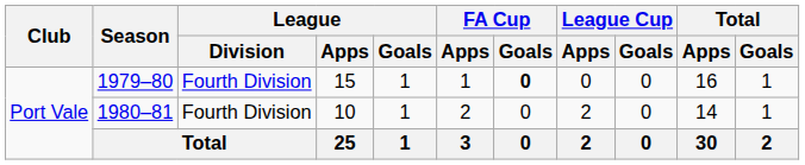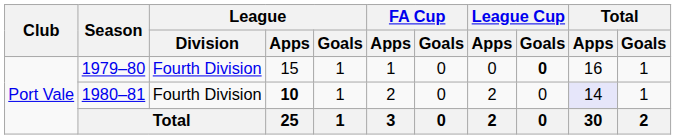 <table class="wikitable" style="text-align:center">
 <tr>
 <th rowspan="2">Club</th>
 <th rowspan="2">Season</th>
 <th colspan="3">League</th>
 <th colspan="2"><a href='#'>FA Cup</a></th>
 <th colspan="2"><a href='#'>League Cup</a></th>
 <th colspan="2">Total</th>
 </tr>
 <tr>
 <th>Division</th>
 <th>Apps</th>
 <th>Goals</th>
 <th>Apps</th>
 <th>Goals</th>
 <th>Apps</th>
 <th>Goals</th>
 <th>Apps</th>
 <th>Goals</th>
 </tr>
 <tr>
 <td rowspan="3"><a href='#'>Port Vale</a></td>
 <td><a href='#'>1979–80</a></td>
 <td><a href='#'>Fourth Division</a></td>
 <td>15</td>
 <td>1</td>
 <td>1</td>
-<td><strong>0</strong></td>
 <td>0</td>
 <td>0</td>
+<td><strong>0</strong></td>
 <td>16</td>
 <td>1</td>
 </tr>
 <tr>
 <td><a href='#'>1980–81</a></td>
 <td>Fourth Division</td>
-<td>10</td>
+<td><strong>10</strong></td>
 <td>1</td>
 <td>2</td>
 <td>0</td>
 <td>2</td>
 <td>0</td>
-<td>14</td>
+<td style="background: lavender;">14</td>
 <td>1</td>
 </tr>
 <tr>
 <th colspan="2">Total</th>
 <th>25</th>
 <th>1</th>
 <th>3</th>
 <th>0</th>
 <th>2</th>
 <th>0</th>
 <th>30</th>
 <th>2</th>
 </tr>
 </table>
